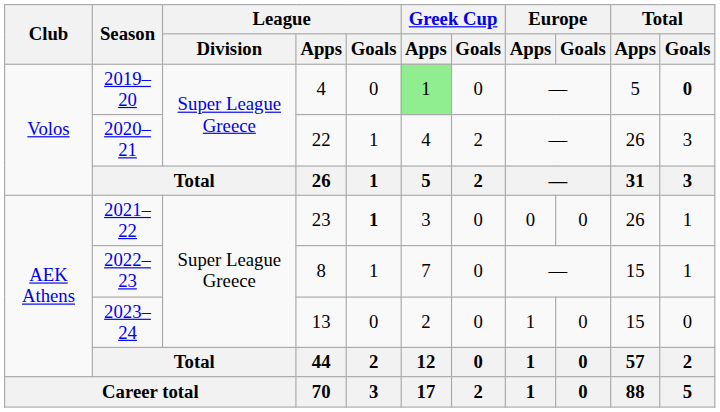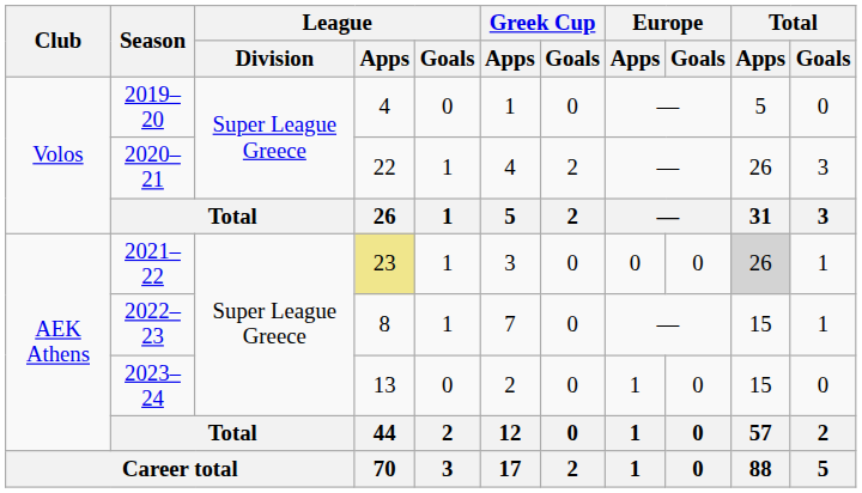 <table class="wikitable" style="text-align:center">
 <tr>
 <th rowspan=2>Club</th>
 <th rowspan=2>Season</th>
 <th colspan=3>League</th>
 <th colspan=2><a href='#'>Greek Cup</a></th>
 <th colspan=2>Europe</th>
 <th colspan=2>Total</th>
 </tr>
 <tr>
 <th>Division</th>
 <th>Apps</th>
 <th>Goals</th>
 <th>Apps</th>
 <th>Goals</th>
 <th>Apps</th>
 <th>Goals</th>
 <th>Apps</th>
 <th>Goals</th>
 </tr>
 <tr>
 <td rowspan="3"><a href='#'>Volos</a></td>
 <td><a href='#'>2019–20</a></td>
 <td rowspan="2"><a href='#'>Super League Greece</a></td>
 <td>4</td>
 <td>0</td>
-<td style="background: lightgreen;">1</td>
+<td>1</td>
 <td>0</td>
 <td colspan="2">—</td>
 <td>5</td>
-<td><strong>0</strong></td>
+<td>0</td>
 </tr>
 <tr>
 <td><a href='#'>2020–21</a></td>
 <td>22</td>
 <td>1</td>
 <td>4</td>
 <td>2</td>
 <td colspan="2">—</td>
 <td>26</td>
 <td>3</td>
 </tr>
 <tr>
 <th colspan="2">Total</th>
 <th>26</th>
 <th>1</th>
 <th>5</th>
 <th>2</th>
 <th colspan="2">—</th>
 <th>31</th>
 <th>3</th>
 </tr>
 <tr>
 <td rowspan="4"><a href='#'>AEK Athens</a></td>
 <td><a href='#'>2021–22</a></td>
 <td rowspan="3">Super League Greece</td>
-<td>23</td>
-<td><strong>1</strong></td>
+<td style="background: khaki;">23</td>
+<td>1</td>
 <td>3</td>
 <td>0</td>
 <td>0</td>
 <td>0</td>
-<td>26</td>
+<td style="background: lightgrey;">26</td>
 <td>1</td>
 </tr>
 <tr>
 <td><a href='#'>2022–23</a></td>
 <td>8</td>
 <td>1</td>
 <td>7</td>
 <td>0</td>
 <td colspan="2">—</td>
 <td>15</td>
 <td>1</td>
 </tr>
 <tr>
 <td><a href='#'>2023–24</a></td>
 <td>13</td>
 <td>0</td>
 <td>2</td>
 <td>0</td>
 <td>1</td>
 <td>0</td>
 <td>15</td>
 <td>0</td>
 </tr>
 <tr>
 <th colspan="2">Total</th>
 <th>44</th>
 <th>2</th>
 <th>12</th>
 <th>0</th>
 <th>1</th>
 <th>0</th>
 <th>57</th>
 <th>2</th>
 </tr>
 <tr>
 <th colspan="3">Career total</th>
 <th>70</th>
 <th>3</th>
 <th>17</th>
 <th>2</th>
 <th>1</th>
 <th>0</th>
 <th>88</th>
 <th>5</th>
 </tr>
 </table>
